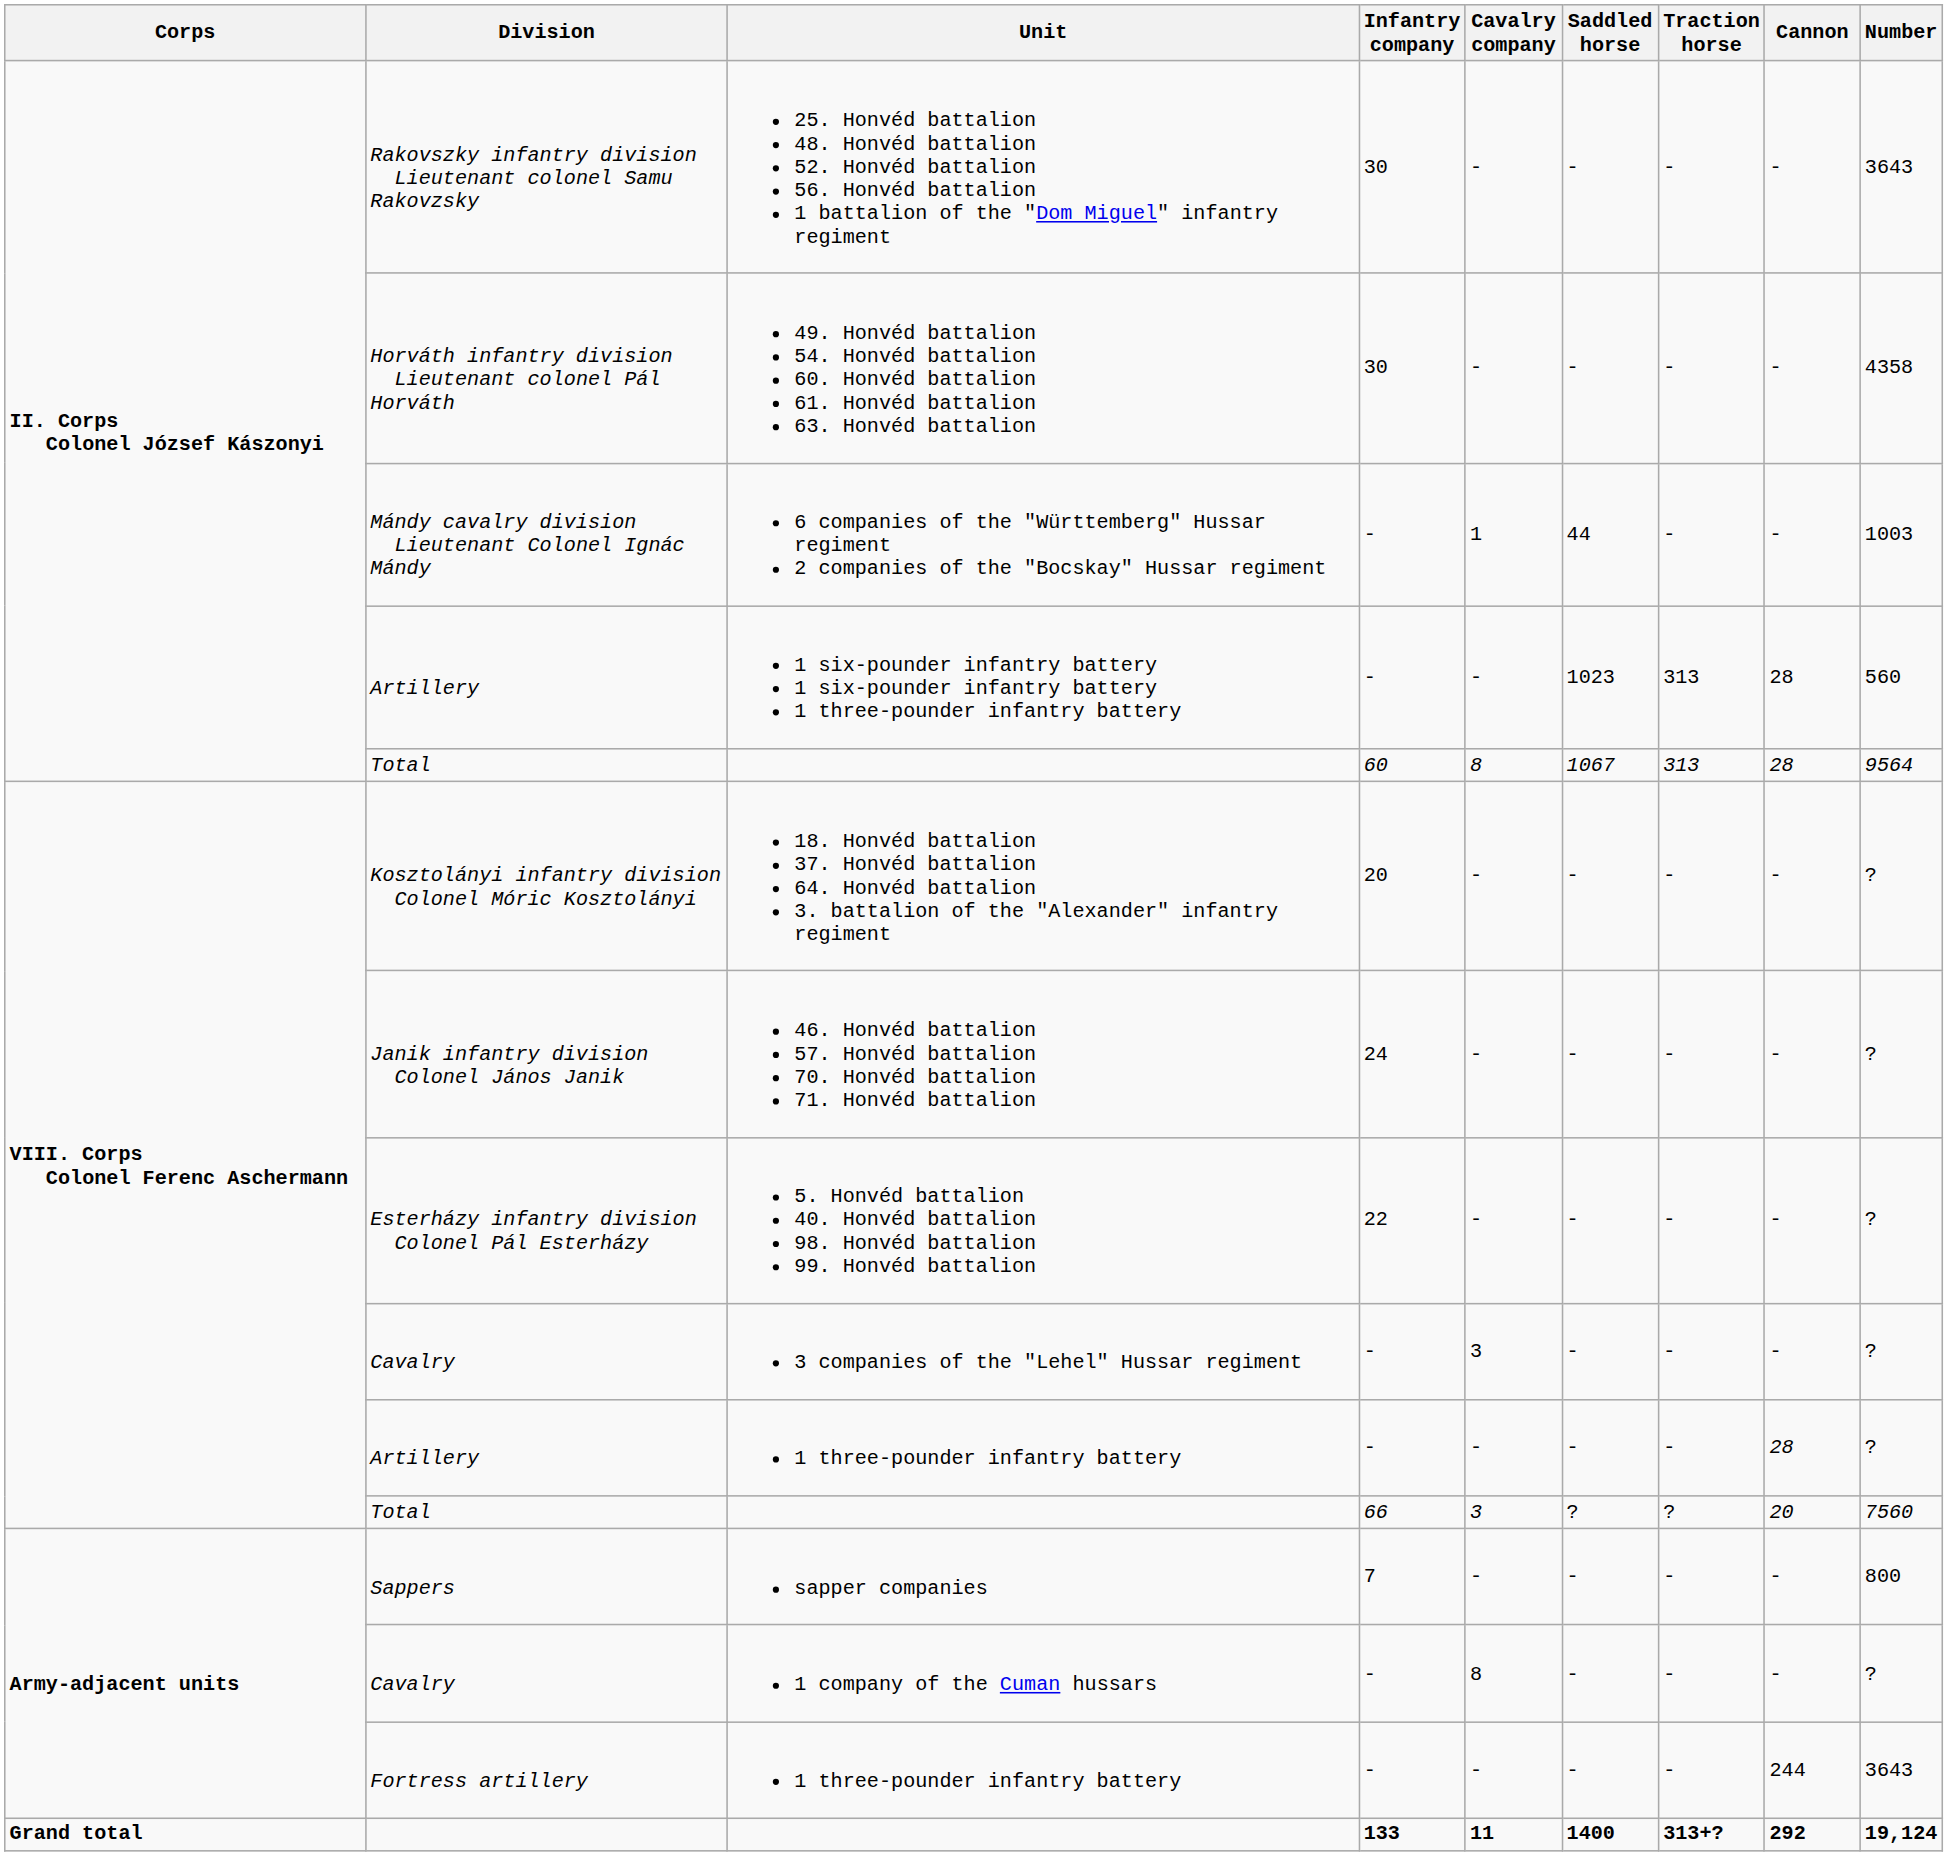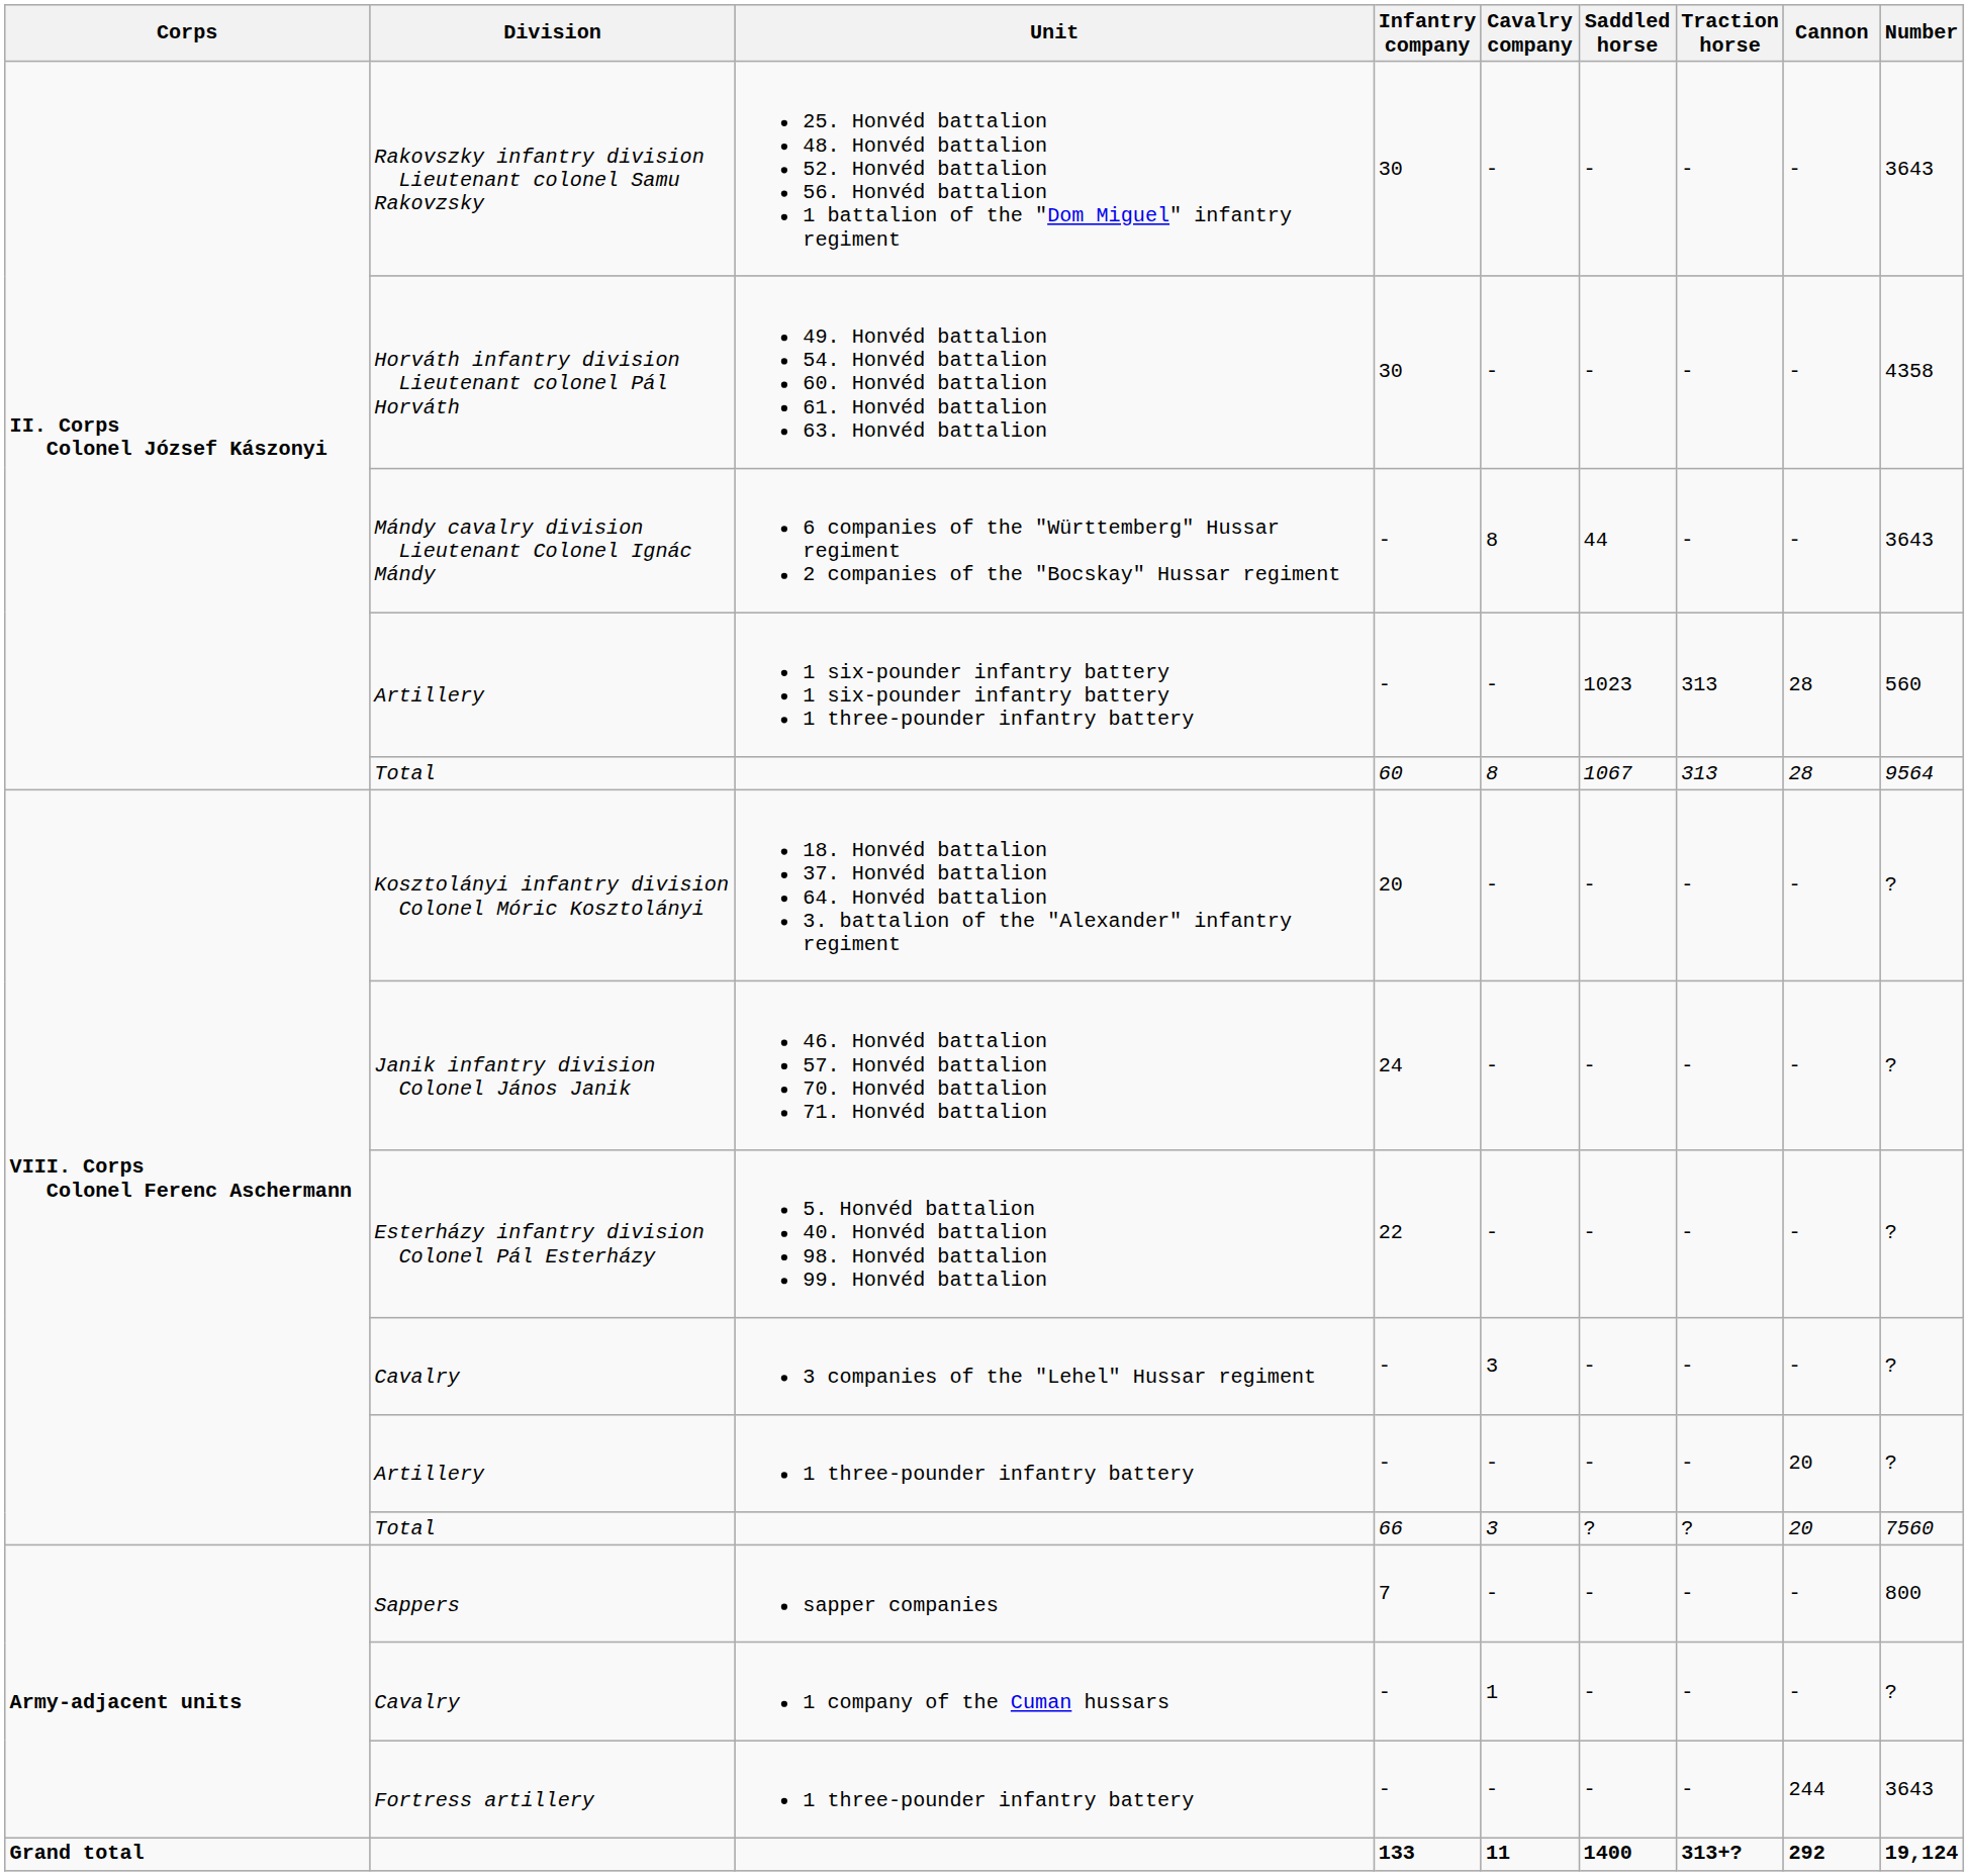 <table class="wikitable">
 <tr>
 <th width=20%>Corps</th>
 <th width=20%>Division</th>
 <th width=35%>Unit</th>
 <th width=5%>Infantry company</th>
 <th width=5%>Cavalry company</th>
 <th width=5%>Saddled horse</th>
 <th width=5%>Traction horse</th>
 <th width=5%>Cannon</th>
 <th width=5%>Number</th>
 </tr>
 <tr>
 <td rowspan=5><br><strong>II. Corps</strong> <br>   <strong>Colonel József Kászonyi</strong></td>
 <td><br><em>Rakovszky infantry division</em> <br>  <em>Lieutenant colonel Samu Rakovzsky</em></td>
 <td><br><ul><li>25. Honvéd battalion</li><li>48. Honvéd battalion</li><li>52. Honvéd battalion</li><li>56. Honvéd battalion</li><li>1 battalion of the "<a href='#'>Dom Miguel</a>" infantry regiment</li></ul></td>
 <td>30</td>
 <td>-</td>
 <td>-</td>
 <td>-</td>
 <td>-</td>
 <td>3643</td>
 </tr>
 <tr>
 <td><br><em>Horváth infantry division</em> <br>  <em>Lieutenant colonel Pál Horváth</em></td>
 <td><br><ul><li>49. Honvéd battalion</li><li>54. Honvéd battalion</li><li>60. Honvéd battalion</li><li>61. Honvéd battalion</li><li>63. Honvéd battalion</li></ul></td>
 <td>30</td>
 <td>-</td>
 <td>-</td>
 <td>-</td>
 <td>-</td>
 <td>4358</td>
 </tr>
 <tr>
 <td><br><em>Mándy cavalry division</em> <br>  <em>Lieutenant Colonel Ignác Mándy</em></td>
 <td><br><ul><li>6 companies of the "Württemberg" Hussar regiment</li><li>2 companies of the "Bocskay" Hussar regiment</li></ul></td>
 <td>-</td>
-<td>1</td>
+<td>8</td>
 <td>44</td>
 <td>-</td>
 <td>-</td>
-<td>1003</td>
+<td>3643</td>
 </tr>
 <tr>
 <td><br><em>Artillery</em></td>
 <td><br><ul><li>1 six-pounder infantry battery</li><li>1 six-pounder infantry battery</li><li>1 three-pounder infantry battery</li></ul></td>
 <td>-</td>
 <td>-</td>
 <td>1023</td>
 <td>313</td>
 <td>28</td>
 <td>560</td>
 </tr>
 <tr>
 <td><em>Total</em></td>
 <td></td>
 <td><em>60</em></td>
 <td><em>8</em></td>
 <td><em>1067</em></td>
 <td><em>313</em></td>
 <td><em>28</em></td>
 <td><em>9564</em></td>
 </tr>
 <tr>
 <td rowspan=6><br><strong>VIII. Corps</strong> <br>   <strong>Colonel Ferenc Aschermann</strong></td>
 <td><br><em>Kosztolányi infantry division</em> <br>  <em>Colonel Móric Kosztolányi</em></td>
 <td><br><ul><li>18. Honvéd battalion</li><li>37. Honvéd battalion</li><li>64. Honvéd battalion</li><li>3. battalion of the "Alexander" infantry regiment</li></ul></td>
 <td>20</td>
 <td>-</td>
 <td>-</td>
 <td>-</td>
 <td>-</td>
 <td>?</td>
 </tr>
 <tr>
 <td><br><em>Janik infantry division</em> <br>  <em>Colonel János Janik</em></td>
 <td><br><ul><li>46. Honvéd battalion</li><li>57. Honvéd battalion</li><li>70. Honvéd battalion</li><li>71. Honvéd battalion</li></ul></td>
 <td>24</td>
 <td>-</td>
 <td>-</td>
 <td>-</td>
 <td>-</td>
 <td>?</td>
 </tr>
 <tr>
 <td><br><em>Esterházy infantry division</em> <br>  <em>Colonel Pál Esterházy</em></td>
 <td><br><ul><li>5. Honvéd battalion</li><li>40. Honvéd battalion</li><li>98. Honvéd battalion</li><li>99. Honvéd battalion</li></ul></td>
 <td>22</td>
 <td>-</td>
 <td>-</td>
 <td>-</td>
 <td>-</td>
 <td>?</td>
 </tr>
 <tr>
 <td><br><em>Cavalry</em></td>
 <td><br><ul><li>3 companies of the "Lehel" Hussar regiment</li></ul></td>
 <td>-</td>
 <td>3</td>
 <td>-</td>
 <td>-</td>
 <td>-</td>
 <td>?</td>
 </tr>
 <tr>
 <td><br><em>Artillery</em></td>
 <td><br><ul><li>1 three-pounder infantry battery</li></ul></td>
 <td>-</td>
 <td>-</td>
 <td>-</td>
 <td>-</td>
-<td><em>28</em></td>
+<td>20</td>
 <td>?</td>
 </tr>
 <tr>
 <td><em>Total</em></td>
 <td></td>
 <td><em>66</em></td>
 <td><em>3</em></td>
 <td>?</td>
 <td>?</td>
 <td><em>20</em></td>
 <td><em>7560</em></td>
 </tr>
 <tr>
 <td rowspan=3><br><strong>Army-adjacent units</strong></td>
 <td><br><em>Sappers</em></td>
 <td><br><ul><li>sapper companies</li></ul></td>
 <td>7</td>
 <td>-</td>
 <td>-</td>
 <td>-</td>
 <td>-</td>
 <td>800</td>
 </tr>
 <tr>
 <td><br><em>Cavalry</em></td>
 <td><br><ul><li>1 company of the <a href='#'>Cuman</a> hussars</li></ul></td>
 <td>-</td>
-<td>8</td>
+<td>1</td>
 <td>-</td>
 <td>-</td>
 <td>-</td>
 <td>?</td>
 </tr>
 <tr>
 <td><br><em>Fortress artillery</em></td>
 <td><br><ul><li>1 three-pounder infantry battery</li></ul></td>
 <td>-</td>
 <td>-</td>
 <td>-</td>
 <td>-</td>
 <td>244</td>
 <td>3643</td>
 </tr>
 <tr>
 <td><strong>Grand total</strong></td>
 <td></td>
 <td></td>
 <td><strong>133</strong></td>
 <td><strong>11</strong></td>
 <td><strong>1400</strong></td>
 <td><strong>313+?</strong></td>
 <td><strong>292</strong></td>
 <td><strong>19,124</strong></td>
 </tr>
 </table>
